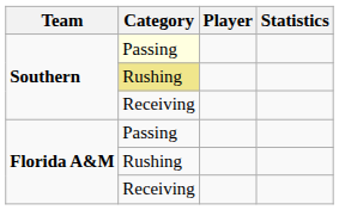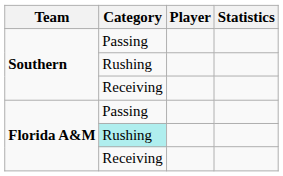 <table class="wikitable" style="float: right;">
 <tr>
 <th>Team</th>
 <th>Category</th>
 <th>Player</th>
 <th>Statistics</th>
 </tr>
 <tr>
 <td rowspan=3><strong>Southern</strong></td>
-<td style="background: lightyellow;">Passing</td>
+<td>Passing</td>
 <td></td>
 <td></td>
 </tr>
 <tr>
-<td style="background: khaki;">Rushing</td>
+<td>Rushing</td>
 <td></td>
 <td></td>
 </tr>
 <tr>
 <td>Receiving</td>
 <td></td>
 <td></td>
 </tr>
 <tr>
 <td rowspan=3><strong>Florida A&M</strong></td>
 <td>Passing</td>
 <td></td>
 <td></td>
 </tr>
 <tr>
-<td>Rushing</td>
+<td style="background: paleturquoise;">Rushing</td>
 <td></td>
 <td></td>
 </tr>
 <tr>
 <td>Receiving</td>
 <td></td>
 <td></td>
 </tr>
 </table>
